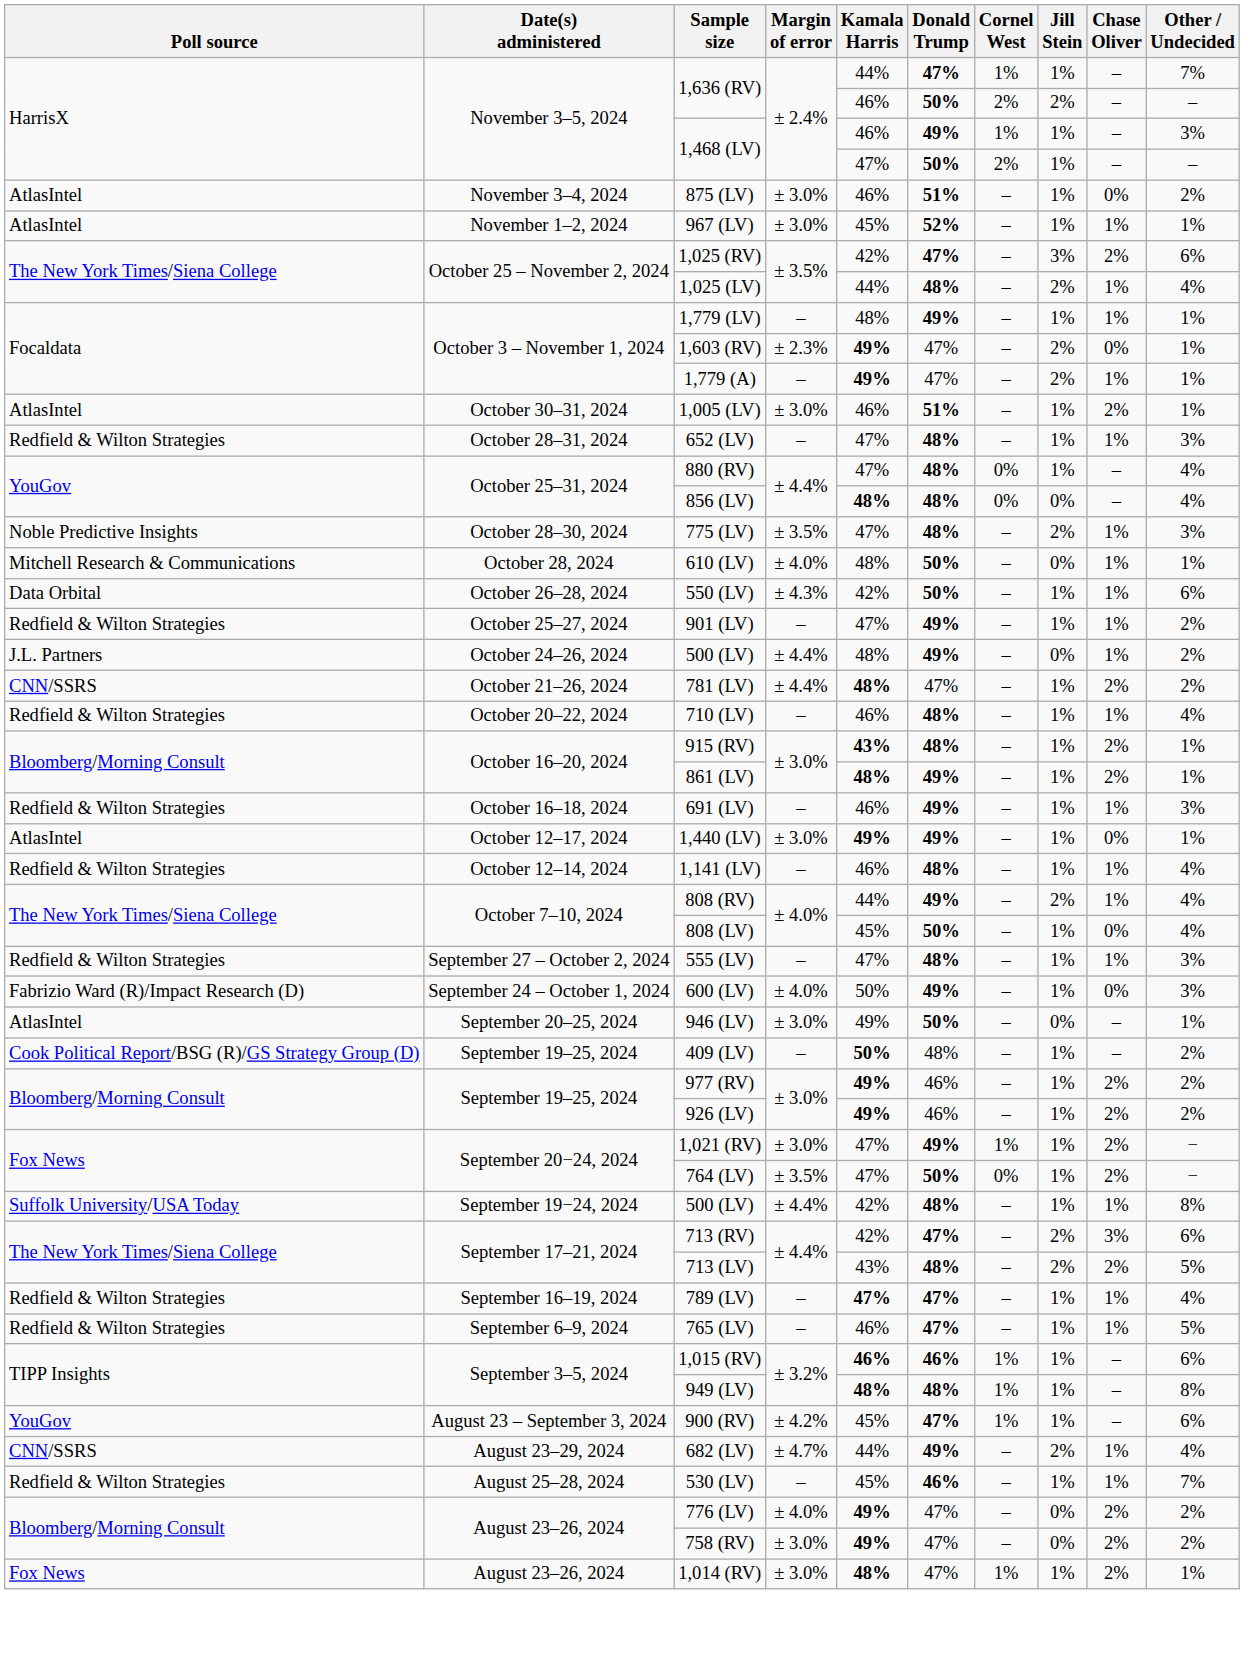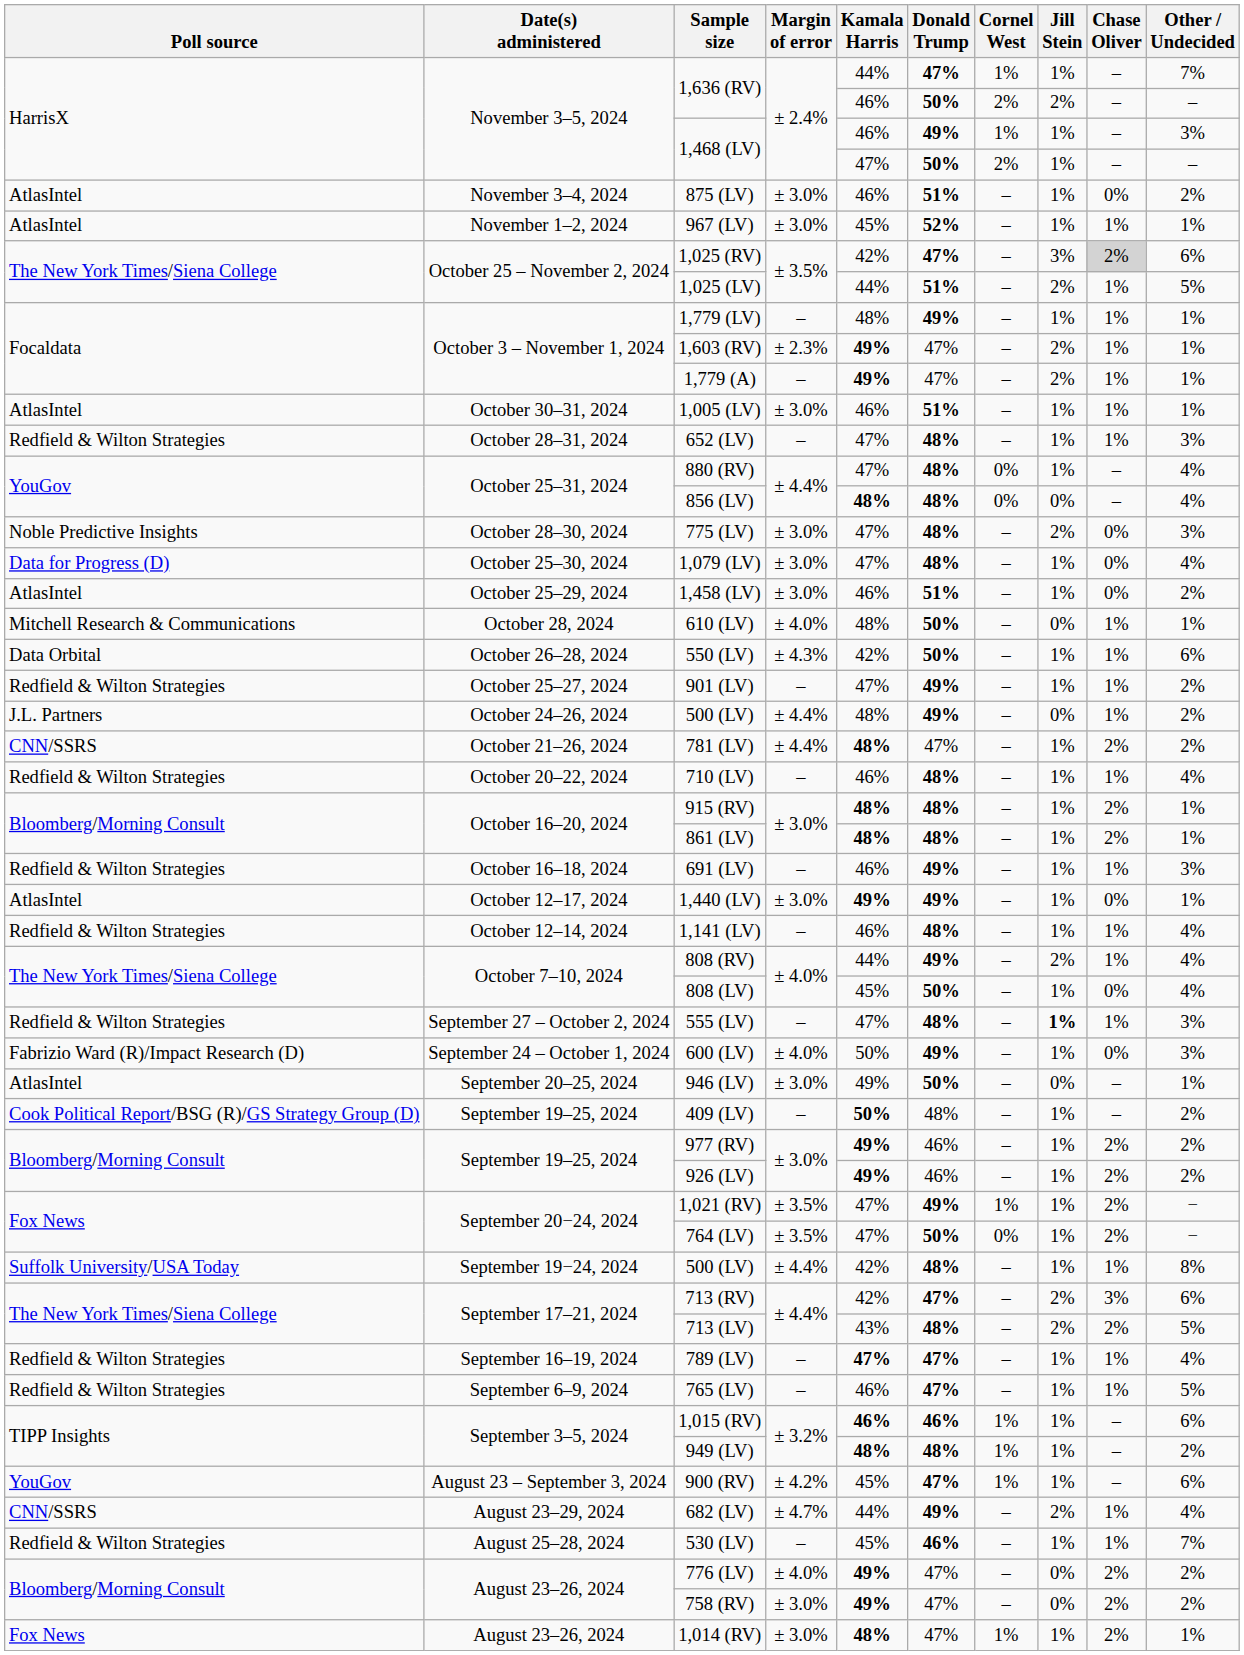 <table class="wikitable sortable mw-datatable" style="font-size:90%;text-align:center;line-height:17px">
 <tr valign="bottom">
 <th>Poll source</th>
 <th>Date(s)<br>administered</th>
 <th>Sample<br>size</th>
 <th>Margin<br>of error</th>
 <th class="unsortable">Kamala<br>Harris<br></th>
 <th class="unsortable">Donald<br>Trump<br></th>
 <th class="unsortable">Cornel<br>West<br></th>
 <th class="unsortable">Jill<br>Stein<br></th>
 <th class="unsortable">Chase<br>Oliver<br></th>
 <th class="unsortable">Other /<br>Undecided</th>
 </tr>
 <tr>
 <td style="text-align:left;" rowspan="4">HarrisX</td>
 <td rowspan="4">November 3–5, 2024</td>
 <td rowspan="2">1,636 (RV)</td>
 <td rowspan="4">± 2.4%</td>
 <td>44%</td>
 <td style="background-color:"><strong>47%</strong></td>
 <td>1%</td>
 <td>1%</td>
 <td>–</td>
 <td>7%</td>
 </tr>
 <tr>
 <td>46%</td>
 <td style="background-color:"><strong>50%</strong></td>
 <td>2%</td>
 <td>2%</td>
 <td>–</td>
 <td>–</td>
 </tr>
 <tr>
 <td rowspan="2">1,468 (LV)</td>
 <td>46%</td>
 <td style="background-color:"><strong>49%</strong></td>
 <td>1%</td>
 <td>1%</td>
 <td>–</td>
 <td>3%</td>
 </tr>
 <tr>
 <td>47%</td>
 <td style="background-color:"><strong>50%</strong></td>
 <td>2%</td>
 <td>1%</td>
 <td>–</td>
 <td>–</td>
 </tr>
 <tr>
 <td style="text-align:left;">AtlasIntel</td>
 <td data-sort-value="2024-11-04">November 3–4, 2024</td>
 <td>875 (LV)</td>
 <td>± 3.0%</td>
 <td>46%</td>
 <td style="background-color:"><strong>51%</strong></td>
 <td>–</td>
 <td>1%</td>
 <td>0%</td>
 <td>2%</td>
 </tr>
 <tr>
 <td style="text-align:left;">AtlasIntel</td>
 <td data-sort-value="2024-11-02">November 1–2, 2024</td>
 <td>967 (LV)</td>
 <td>± 3.0%</td>
 <td>45%</td>
 <td style="background-color:"><strong>52%</strong></td>
 <td>–</td>
 <td>1%</td>
 <td>1%</td>
 <td>1%</td>
 </tr>
 <tr>
 <td style="text-align:left;" rowspan="2"><a href='#'>The New York Times</a>/<a href='#'>Siena College</a></td>
 <td rowspan="2">October 25 – November 2, 2024</td>
 <td>1,025 (RV)</td>
 <td rowspan="2">± 3.5%</td>
 <td>42%</td>
 <td style="background-color:"><strong>47%</strong></td>
 <td>–</td>
 <td>3%</td>
-<td>2%</td>
+<td style="background: lightgrey;">2%</td>
 <td>6%</td>
 </tr>
 <tr>
 <td>1,025 (LV)</td>
 <td>44%</td>
-<td style="background-color:"><strong>48%</strong></td>
+<td style="background-color:"><strong>51%</strong></td>
 <td>–</td>
 <td>2%</td>
 <td>1%</td>
-<td>4%</td>
+<td>5%</td>
 </tr>
 <tr>
 <td style="text-align:left;" rowspan="3">Focaldata</td>
 <td rowspan="3">October 3 – November 1, 2024</td>
 <td>1,779 (LV)</td>
 <td>–</td>
 <td>48%</td>
 <td style="background-color:"><strong>49%</strong></td>
 <td>–</td>
 <td>1%</td>
 <td>1%</td>
 <td>1%</td>
 </tr>
 <tr>
 <td>1,603 (RV)</td>
 <td>± 2.3%</td>
 <td style="background-color:"><strong>49%</strong></td>
 <td>47%</td>
 <td>–</td>
 <td>2%</td>
-<td>0%</td>
+<td>1%</td>
 <td>1%</td>
 </tr>
 <tr>
 <td>1,779 (A)</td>
 <td>–</td>
 <td style="background-color:"><strong>49%</strong></td>
 <td>47%</td>
 <td>–</td>
 <td>2%</td>
 <td>1%</td>
 <td>1%</td>
 </tr>
 <tr>
 <td style="text-align:left;">AtlasIntel</td>
 <td data-sort-value="2024-10-31">October 30–31, 2024</td>
 <td>1,005 (LV)</td>
 <td>± 3.0%</td>
 <td>46%</td>
 <td style="background-color:"><strong>51%</strong></td>
 <td>–</td>
 <td>1%</td>
-<td>2%</td>
+<td>1%</td>
 <td>1%</td>
 </tr>
 <tr>
 <td style="text-align:left;">Redfield & Wilton Strategies</td>
 <td data-sort-value="2024-10-31">October 28–31, 2024</td>
 <td>652 (LV)</td>
 <td>–</td>
 <td>47%</td>
 <td style="background-color:"><strong>48%</strong></td>
 <td>–</td>
 <td>1%</td>
 <td>1%</td>
 <td>3%</td>
 </tr>
 <tr>
 <td style="text-align:left;" rowspan="2"><a href='#'>YouGov</a></td>
 <td rowspan="2">October 25–31, 2024</td>
 <td>880 (RV)</td>
 <td rowspan="2">± 4.4%</td>
 <td>47%</td>
 <td style="color:black;background-color:"><strong>48%</strong></td>
 <td>0%</td>
 <td>1%</td>
 <td>–</td>
 <td>4%</td>
 </tr>
 <tr>
 <td>856 (LV)</td>
 <td><strong>48%</strong></td>
 <td><strong>48%</strong></td>
 <td>0%</td>
 <td>0%</td>
 <td>–</td>
 <td>4%</td>
 </tr>
 <tr>
 <td style="text-align:left;">Noble Predictive Insights</td>
 <td data-sort-value="2024-10-30">October 28–30, 2024</td>
 <td>775 (LV)</td>
-<td>± 3.5%</td>
+<td>± 3.0%</td>
 <td>47%</td>
 <td style="background-color:"><strong>48%</strong></td>
 <td>–</td>
 <td>2%</td>
+<td>0%</td>
+<td>3%</td>
+</tr>
+<tr>
+<td style="text-align:left;"><a href='#'>Data for Progress (D)</a></td>
+<td data-sort-value="2024-10-30">October 25–30, 2024</td>
+<td>1,079 (LV)</td>
+<td>± 3.0%</td>
+<td>47%</td>
+<td style="background-color:"><strong>48%</strong></td>
+<td>–</td>
 <td>1%</td>
-<td>3%</td>
+<td>0%</td>
+<td>4%</td>
+</tr>
+<tr>
+<td style="text-align:left;">AtlasIntel</td>
+<td data-sort-value="2024-10-29">October 25–29, 2024</td>
+<td>1,458 (LV)</td>
+<td>± 3.0%</td>
+<td>46%</td>
+<td style="background-color:"><strong>51%</strong></td>
+<td>–</td>
+<td>1%</td>
+<td>0%</td>
+<td>2%</td>
 </tr>
 <tr>
 <td style="text-align:left;">Mitchell Research & Communications</td>
 <td data-sort-value="2024-10-27">October 28, 2024</td>
 <td>610 (LV)</td>
 <td>± 4.0%</td>
 <td>48%</td>
 <td style="background-color:"><strong>50%</strong></td>
 <td>–</td>
 <td>0%</td>
 <td>1%</td>
 <td>1%</td>
 </tr>
 <tr>
 <td style="text-align:left;">Data Orbital</td>
 <td data-sort-value="2024-10-28">October 26–28, 2024</td>
 <td>550 (LV)</td>
 <td>± 4.3%</td>
 <td>42%</td>
 <td style="background-color:"><strong>50%</strong></td>
 <td>–</td>
 <td>1%</td>
 <td>1%</td>
 <td>6%</td>
 </tr>
 <tr>
 <td style="text-align:left;">Redfield & Wilton Strategies</td>
 <td data-sort-value="2024-10-22">October 25–27, 2024</td>
 <td>901 (LV)</td>
 <td>–</td>
 <td>47%</td>
 <td style="background-color:"><strong>49%</strong></td>
 <td>–</td>
 <td>1%</td>
 <td>1%</td>
 <td>2%</td>
 </tr>
 <tr>
 <td style="text-align:left;">J.L. Partners</td>
 <td data-sort-value="2024-10-26">October 24–26, 2024</td>
 <td>500 (LV)</td>
 <td>± 4.4%</td>
 <td>48%</td>
 <td style="background-color:"><strong>49%</strong></td>
 <td>–</td>
 <td>0%</td>
 <td>1%</td>
 <td>2%</td>
 </tr>
 <tr>
 <td style="text-align:left;"><a href='#'>CNN</a>/SSRS</td>
 <td data-sort-value="2024-10-26">October 21–26, 2024</td>
 <td>781 (LV)</td>
 <td>± 4.4%</td>
 <td style="color:black;background-color:"><strong>48%</strong></td>
 <td>47%</td>
 <td>–</td>
 <td>1%</td>
 <td>2%</td>
 <td>2%</td>
 </tr>
 <tr>
 <td style="text-align:left;">Redfield & Wilton Strategies</td>
 <td data-sort-value="2024-10-22">October 20–22, 2024</td>
 <td>710 (LV)</td>
 <td>–</td>
 <td>46%</td>
 <td style="background-color:"><strong>48%</strong></td>
 <td>–</td>
 <td>1%</td>
 <td>1%</td>
 <td>4%</td>
 </tr>
 <tr>
 <td rowspan="2" style="text-align:left;"><a href='#'>Bloomberg</a>/<a href='#'>Morning Consult</a></td>
 <td rowspan="2">October 16–20, 2024</td>
 <td>915 (RV)</td>
 <td rowspan="2">± 3.0%</td>
-<td><strong>43%</strong></td>
+<td><strong>48%</strong></td>
 <td><strong>48%</strong></td>
 <td>–</td>
 <td>1%</td>
 <td>2%</td>
 <td>1%</td>
 </tr>
 <tr>
 <td>861 (LV)</td>
 <td><strong>48%</strong></td>
-<td><strong>49%</strong></td>
+<td><strong>48%</strong></td>
 <td>–</td>
 <td>1%</td>
 <td>2%</td>
 <td>1%</td>
 </tr>
 <tr>
 <td style="text-align:left;">Redfield & Wilton Strategies</td>
 <td data-sort-value="2024-10-18">October 16–18, 2024</td>
 <td>691 (LV)</td>
 <td>–</td>
 <td>46%</td>
 <td style="background-color:"><strong>49%</strong></td>
 <td>–</td>
 <td>1%</td>
 <td>1%</td>
 <td>3%</td>
 </tr>
 <tr>
 <td style="text-align:left;">AtlasIntel</td>
 <td data-sort-value="2024-10-17">October 12–17, 2024</td>
 <td>1,440 (LV)</td>
 <td>± 3.0%</td>
 <td><strong>49%</strong></td>
 <td><strong>49%</strong></td>
 <td>–</td>
 <td>1%</td>
 <td>0%</td>
 <td>1%</td>
 </tr>
 <tr>
 <td style="text-align:left;">Redfield & Wilton Strategies</td>
 <td data-sort-value="2024-10-14">October 12–14, 2024</td>
 <td>1,141 (LV)</td>
 <td>–</td>
 <td>46%</td>
 <td style="background-color:"><strong>48%</strong></td>
 <td>–</td>
 <td>1%</td>
 <td>1%</td>
 <td>4%</td>
 </tr>
 <tr>
 <td style="text-align:left;" rowspan="2"><a href='#'>The New York Times</a>/<a href='#'>Siena College</a></td>
 <td rowspan="2">October 7–10, 2024</td>
 <td>808 (RV)</td>
 <td rowspan="2">± 4.0%</td>
 <td>44%</td>
 <td style="background-color:"><strong>49%</strong></td>
 <td>–</td>
 <td>2%</td>
 <td>1%</td>
 <td>4%</td>
 </tr>
 <tr>
 <td>808 (LV)</td>
 <td>45%</td>
 <td style="background-color:"><strong>50%</strong></td>
 <td>–</td>
 <td>1%</td>
 <td>0%</td>
 <td>4%</td>
 </tr>
 <tr>
 <td style="text-align:left;">Redfield & Wilton Strategies</td>
 <td data-sort-value="2024-10-02">September 27 – October 2, 2024</td>
 <td>555 (LV)</td>
 <td>–</td>
 <td>47%</td>
 <td style="background-color:"><strong>48%</strong></td>
 <td>–</td>
-<td>1%</td>
+<td><strong>1%</strong></td>
 <td>1%</td>
 <td>3%</td>
 </tr>
 <tr>
 <td style="text-align:left;">Fabrizio Ward (R)/Impact Research (D)</td>
 <td data-sort-value="2024-10-01">September 24 – October 1, 2024</td>
 <td>600 (LV)</td>
 <td>± 4.0%</td>
 <td>50%</td>
 <td style="background-color:"><strong>49%</strong></td>
 <td>–</td>
 <td>1%</td>
 <td>0%</td>
 <td>3%</td>
 </tr>
 <tr>
 <td style="text-align:left;">AtlasIntel</td>
 <td data-sort-value="2024-09-25">September 20–25, 2024</td>
 <td>946 (LV)</td>
 <td>± 3.0%</td>
 <td>49%</td>
 <td style="background-color:"><strong>50%</strong></td>
 <td>–</td>
 <td>0%</td>
 <td>–</td>
 <td>1%</td>
 </tr>
 <tr>
 <td style="text-align:left;"><a href='#'>Cook Political Report</a>/BSG (R)/<a href='#'>GS Strategy Group (D)</a></td>
 <td data-sort-value="2024-09-25">September 19–25, 2024</td>
 <td>409 (LV)</td>
 <td>–</td>
 <td style="color:black;background-color:"><strong>50%</strong></td>
 <td>48%</td>
 <td>–</td>
 <td>1%</td>
 <td>–</td>
 <td>2%</td>
 </tr>
 <tr>
 <td rowspan="2" style="text-align:left;"><a href='#'>Bloomberg</a>/<a href='#'>Morning Consult</a></td>
 <td rowspan="2">September 19–25, 2024</td>
 <td>977 (RV)</td>
 <td rowspan="2">± 3.0%</td>
 <td style="color:black;background-color:"><strong>49%</strong></td>
 <td>46%</td>
 <td>–</td>
 <td>1%</td>
 <td>2%</td>
 <td>2%</td>
 </tr>
 <tr>
 <td>926 (LV)</td>
 <td style="color:black;background-color:"><strong>49%</strong></td>
 <td>46%</td>
 <td>–</td>
 <td>1%</td>
 <td>2%</td>
 <td>2%</td>
 </tr>
 <tr>
 <td style="text-align:left;" rowspan="2"><a href='#'>Fox News</a></td>
 <td rowspan="2">September 20−24, 2024</td>
 <td>1,021 (RV)</td>
-<td>± 3.0%</td>
+<td>± 3.5%</td>
 <td>47%</td>
 <td style="background-color:"><strong>49%</strong></td>
 <td>1%</td>
 <td>1%</td>
 <td>2%</td>
 <td>−</td>
 </tr>
 <tr>
 <td>764 (LV)</td>
 <td>± 3.5%</td>
 <td>47%</td>
 <td style="background-color:"><strong>50%</strong></td>
 <td>0%</td>
 <td>1%</td>
 <td>2%</td>
 <td>−</td>
 </tr>
 <tr>
 <td style="text-align:left;"><a href='#'>Suffolk University</a>/<a href='#'>USA Today</a></td>
 <td data-sort-value="2024-09-24">September 19−24, 2024</td>
 <td>500 (LV)</td>
 <td>± 4.4%</td>
 <td>42%</td>
 <td style="background-color:"><strong>48%</strong></td>
 <td>–</td>
 <td>1%</td>
 <td>1%</td>
 <td>8%</td>
 </tr>
 <tr>
 <td style="text-align:left;" rowspan="2"><a href='#'>The New York Times</a>/<a href='#'>Siena College</a></td>
 <td rowspan="2">September 17–21, 2024</td>
 <td>713 (RV)</td>
 <td rowspan="2">± 4.4%</td>
 <td>42%</td>
 <td style="background-color:"><strong>47%</strong></td>
 <td>–</td>
 <td>2%</td>
 <td>3%</td>
 <td>6%</td>
 </tr>
 <tr>
 <td>713 (LV)</td>
 <td>43%</td>
 <td style="background-color:"><strong>48%</strong></td>
 <td>–</td>
 <td>2%</td>
 <td>2%</td>
 <td>5%</td>
 </tr>
 <tr>
 <td style="text-align:left;">Redfield & Wilton Strategies</td>
 <td data-sort-value="2024-09-19">September 16–19, 2024</td>
 <td>789 (LV)</td>
 <td>–</td>
 <td><strong>47%</strong></td>
 <td><strong>47%</strong></td>
 <td>–</td>
 <td>1%</td>
 <td>1%</td>
 <td>4%</td>
 </tr>
 <tr>
 <td style="text-align:left;">Redfield & Wilton Strategies</td>
 <td data-sort-value="2024-09-06">September 6–9, 2024</td>
 <td>765 (LV)</td>
 <td>–</td>
 <td>46%</td>
 <td style="background-color:"><strong>47%</strong></td>
 <td>–</td>
 <td>1%</td>
 <td>1%</td>
 <td>5%</td>
 </tr>
 <tr>
 <td style="text-align:left;" rowspan="2">TIPP Insights</td>
 <td rowspan="2">September 3–5, 2024</td>
 <td>1,015 (RV)</td>
 <td rowspan="2">± 3.2%</td>
 <td><strong>46%</strong></td>
 <td><strong>46%</strong></td>
 <td>1%</td>
 <td>1%</td>
 <td>–</td>
 <td>6%</td>
 </tr>
 <tr>
 <td>949 (LV)</td>
 <td><strong>48%</strong></td>
 <td><strong>48%</strong></td>
 <td>1%</td>
 <td>1%</td>
 <td>–</td>
-<td>8%</td>
+<td>2%</td>
 </tr>
 <tr>
 <td style="text-align:left;"><a href='#'>YouGov</a></td>
 <td data-sort-value="2024-09-03">August 23 – September 3, 2024</td>
 <td>900 (RV)</td>
 <td>± 4.2%</td>
 <td>45%</td>
 <td style="background-color:"><strong>47%</strong></td>
 <td>1%</td>
 <td>1%</td>
 <td>–</td>
 <td>6%</td>
 </tr>
 <tr>
 <td style="text-align:left;"><a href='#'>CNN</a>/SSRS</td>
 <td data-sort-value="2024-08-29">August 23–29, 2024</td>
 <td>682 (LV)</td>
 <td>± 4.7%</td>
 <td>44%</td>
 <td style="background-color:"><strong>49%</strong></td>
 <td>–</td>
 <td>2%</td>
 <td>1%</td>
 <td>4%</td>
 </tr>
 <tr>
 <td style="text-align:left;">Redfield & Wilton Strategies</td>
 <td data-sort-value="2024-08-28">August 25–28, 2024</td>
 <td>530 (LV)</td>
 <td>–</td>
 <td>45%</td>
 <td style="background-color:"><strong>46%</strong></td>
 <td>–</td>
 <td>1%</td>
 <td>1%</td>
 <td>7%</td>
 </tr>
 <tr>
 <td rowspan="2" style="text-align:left;"><a href='#'>Bloomberg</a>/<a href='#'>Morning Consult</a></td>
 <td rowspan="2">August 23–26, 2024</td>
 <td>776 (LV)</td>
 <td>± 4.0%</td>
 <td style="color:black;background-color:"><strong>49%</strong></td>
 <td>47%</td>
 <td>–</td>
 <td>0%</td>
 <td>2%</td>
 <td>2%</td>
 </tr>
 <tr>
 <td>758 (RV)</td>
 <td>± 3.0%</td>
 <td style="color:black;background-color:"><strong>49%</strong></td>
 <td>47%</td>
 <td>–</td>
 <td>0%</td>
 <td>2%</td>
 <td>2%</td>
 </tr>
 <tr>
 <td style="text-align:left;"><a href='#'>Fox News</a></td>
 <td data-sort-value="2024-08-26 ">August 23–26, 2024</td>
 <td>1,014 (RV)</td>
 <td>± 3.0%</td>
 <td style="color:black;background-color:"><strong>48%</strong></td>
 <td>47%</td>
 <td>1%</td>
 <td>1%</td>
 <td>2%</td>
 <td>1%</td>
 </tr>
 </table>
